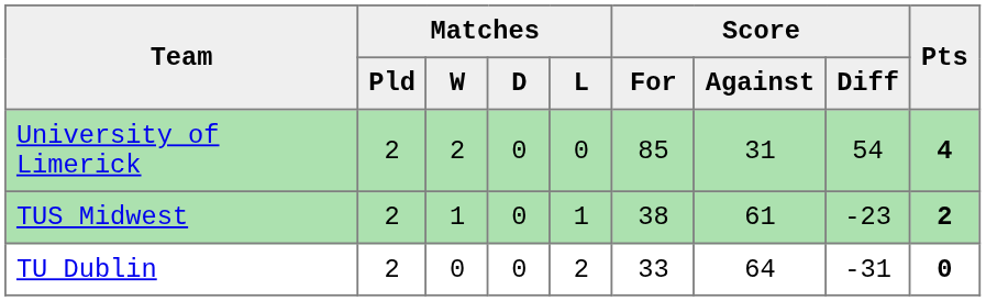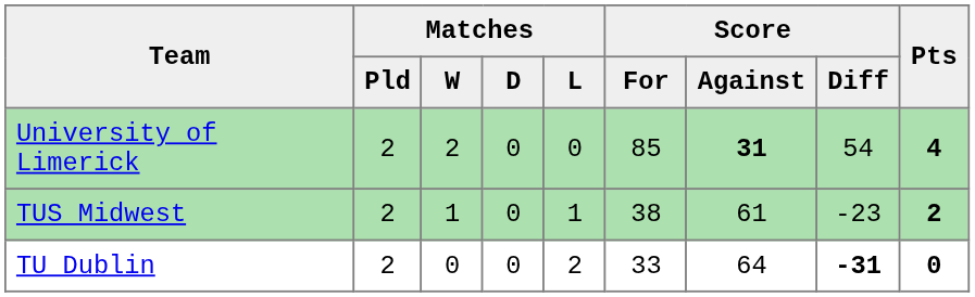 <table style=border-collapse:collapse border=1 cellspacing=0 cellpadding=5>
 <tr align=center bgcolor=#efefef>
 <th rowspan=2 width=165>Team</th>
 <th colspan=4>Matches</th>
 <th colspan=3>Score</th>
 <th rowspan=2width=20>Pts</th>
 </tr>
 <tr align=center bgcolor=#efefef>
 <th width=20>Pld</th>
 <th width=20>W</th>
 <th width=20>D</th>
 <th width=20>L</th>
 <th width=30>For</th>
 <th width=30>Against</th>
 <th width=30>Diff</th>
 </tr>
 <tr align=center style="background:#ACE1AF;">
 <td style="text-align:left;"><a href='#'>University of Limerick</a></td>
 <td>2</td>
 <td>2</td>
 <td>0</td>
 <td>0</td>
 <td>85</td>
-<td>31</td>
+<td><strong>31</strong></td>
 <td>54</td>
 <td><strong>4</strong></td>
 </tr>
 <tr align=center style="background:#ACE1AF;">
 <td style="text-align:left;"><a href='#'>TUS Midwest</a></td>
 <td>2</td>
 <td>1</td>
 <td>0</td>
 <td>1</td>
 <td>38</td>
 <td>61</td>
 <td>-23</td>
 <td><strong>2</strong></td>
 </tr>
 <tr align=center>
 <td style="text-align:left;"><a href='#'>TU Dublin</a></td>
 <td>2</td>
 <td>0</td>
 <td>0</td>
 <td>2</td>
 <td>33</td>
 <td>64</td>
-<td>-31</td>
+<td><strong>-31</strong></td>
 <td><strong>0</strong></td>
 </tr>
 </table>
